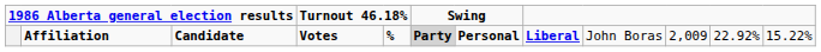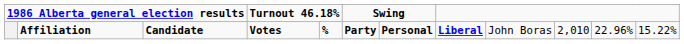 <table class="wikitable">
 <tr>
 <td colspan="3" align=center><strong><a href='#'>1986 Alberta general election</a> results</strong></td>
 <td colspan="2"><strong>Turnout 46.18%</strong></td>
 <td colspan="2" align=center><strong>Swing</strong></td>
 </tr>
 <tr>
 <th style="width: 10px;"></th>
 <td><strong>Affiliation</strong></td>
 <td><strong>Candidate</strong></td>
 <td><strong>Votes</strong></td>
 <td><strong>%</strong></td>
-<td style="background: lightgrey;"><strong>Party</strong></td>
+<td><strong>Party</strong></td>
 <td><strong>Personal</strong><br>  </td>
 <td><strong><a href='#'>Liberal</a></strong></td>
 <td>John Boras</td>
-<td>2,009</td>
-<td>22.92%</td>
+<td>2,010</td>
+<td>22.96%</td>
 <td colspan=2 align=center>15.22%<br>   </td>
 </tr>
 </table>
